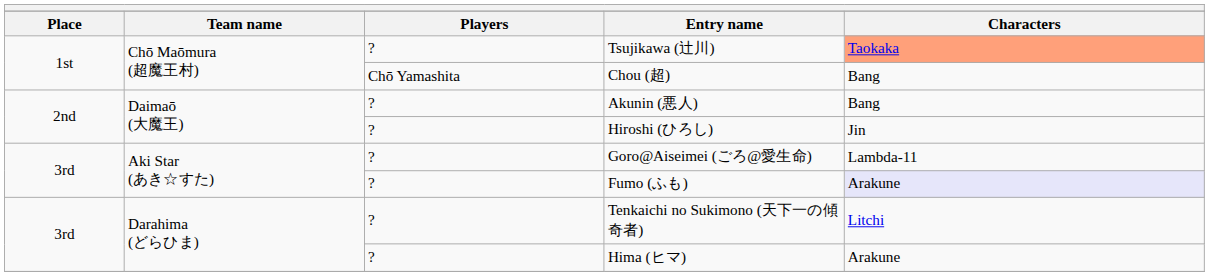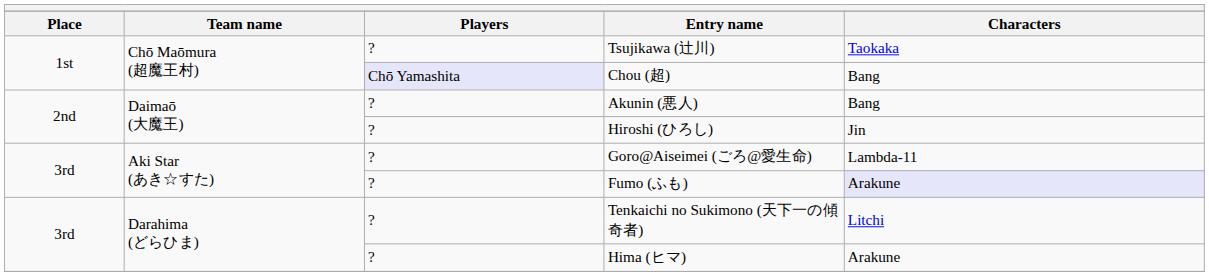 <table class="wikitable" width=100%>
 <tr>
 <th colspan=5></th>
 </tr>
 <tr bgcolor="#dddddd">
 </tr>
 <tr>
 <th width=10%>Place</th>
 <th width=20%>Team name</th>
 <th width=20%>Players</th>
 <th width=20%>Entry name</th>
 <th width=30%>Characters</th>
 </tr>
 <tr>
 <td align=center rowspan="2">1st</td>
 <td rowspan="2">Chō Maōmura<br>(超魔王村)</td>
 <td>?</td>
 <td>Tsujikawa (辻川)</td>
-<td style="background: lightsalmon;"><a href='#'>Taokaka</a></td>
+<td><a href='#'>Taokaka</a></td>
 </tr>
 <tr>
-<td>Chō Yamashita</td>
+<td style="background: lavender;">Chō Yamashita</td>
 <td>Chou (超)</td>
 <td>Bang</td>
 </tr>
 <tr>
 <td align=center rowspan="2">2nd</td>
 <td rowspan="2">Daimaō<br>(大魔王)</td>
 <td>?</td>
 <td>Akunin (悪人)</td>
 <td>Bang</td>
 </tr>
 <tr>
 <td>?</td>
 <td>Hiroshi (ひろし)</td>
 <td>Jin</td>
 </tr>
 <tr>
 <td align=center rowspan="2">3rd</td>
 <td rowspan="2">Aki Star<br>(あき☆すた)</td>
 <td>?</td>
 <td>Goro@Aiseimei (ごろ@愛生命)</td>
 <td>Lambda-11</td>
 </tr>
 <tr>
 <td>?</td>
 <td>Fumo (ふも)</td>
 <td style="background: lavender;">Arakune</td>
 </tr>
 <tr>
 <td align=center rowspan="2">3rd</td>
 <td rowspan="2">Darahima<br>(どらひま)</td>
 <td>?</td>
 <td>Tenkaichi no Sukimono (天下一の傾奇者)</td>
 <td><a href='#'>Litchi</a></td>
 </tr>
 <tr>
 <td>?</td>
 <td>Hima (ヒマ)</td>
 <td>Arakune</td>
 </tr>
 <tr>
 </tr>
 </table>
